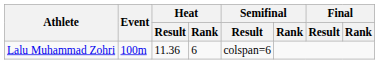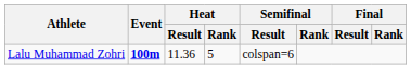 <table class="wikitable">
 <tr>
 <th rowspan="2">Athlete</th>
 <th rowspan="2">Event</th>
 <th colspan="2">Heat</th>
 <th colspan="2">Semifinal</th>
 <th colspan="2">Final</th>
 </tr>
 <tr>
 <th>Result</th>
 <th>Rank</th>
 <th>Result</th>
 <th>Rank</th>
 <th>Result</th>
 <th>Rank</th>
 </tr>
 <tr>
 <td><a href='#'>Lalu Muhammad Zohri</a></td>
-<td><a href='#'>100m</a></td>
+<td><strong><a href='#'>100m</a></strong></td>
 <td>11.36</td>
-<td>6</td>
+<td>5</td>
 <td>colspan=6 </td>
 </tr>
 </table>
